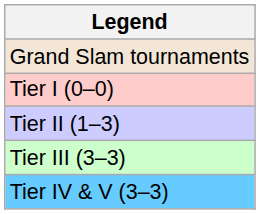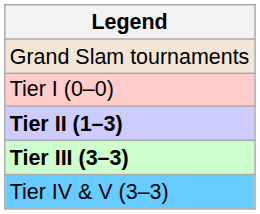 <table class="wikitable" style="font-size:90%;">
 <tr>
 <th>Legend</th>
 </tr>
 <tr>
 <td align=center colspan=2 bgcolor=#f3e6d7>Grand Slam tournaments</td>
 </tr>
 <tr>
 <td bgcolor=#ffcccc>Tier I (0–0)</td>
 </tr>
 <tr>
-<td bgcolor=#ccccff>Tier II (1–3)</td>
+<td bgcolor=#ccccff><strong>Tier II (1–3)</strong></td>
 </tr>
 <tr>
-<td bgcolor=#CCFFCC>Tier III (3–3)</td>
+<td bgcolor=#CCFFCC><strong>Tier III (3–3)</strong></td>
 </tr>
 <tr>
 <td bgcolor=#66CCFF>Tier IV & V (3–3)</td>
 </tr>
 </table>
